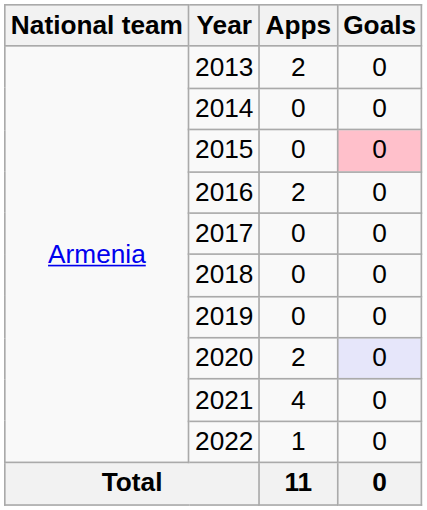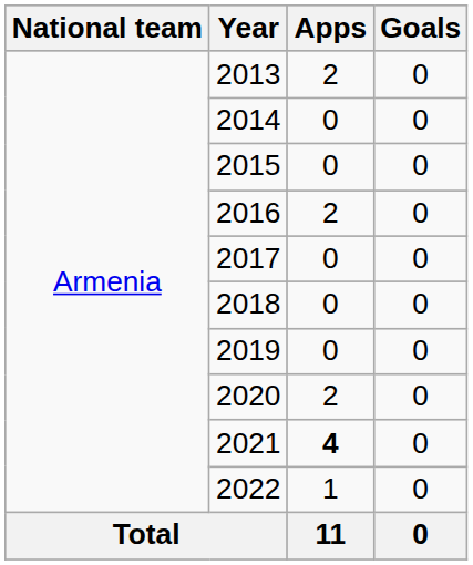 <table class="wikitable" style="text-align:center">
 <tr>
 <th>National team</th>
 <th>Year</th>
 <th>Apps</th>
 <th>Goals</th>
 </tr>
 <tr>
 <td rowspan="10"><a href='#'>Armenia</a></td>
 <td>2013</td>
 <td>2</td>
 <td>0</td>
 </tr>
 <tr>
 <td>2014</td>
 <td>0</td>
 <td>0</td>
 </tr>
 <tr>
 <td>2015</td>
 <td>0</td>
-<td style="background: pink;">0</td>
+<td>0</td>
 </tr>
 <tr>
 <td>2016</td>
 <td>2</td>
 <td>0</td>
 </tr>
 <tr>
 <td>2017</td>
 <td>0</td>
 <td>0</td>
 </tr>
 <tr>
 <td>2018</td>
 <td>0</td>
 <td>0</td>
 </tr>
 <tr>
 <td>2019</td>
 <td>0</td>
 <td>0</td>
 </tr>
 <tr>
 <td>2020</td>
 <td>2</td>
-<td style="background: lavender;">0</td>
+<td>0</td>
 </tr>
 <tr>
 <td>2021</td>
-<td>4</td>
+<td><strong>4</strong></td>
 <td>0</td>
 </tr>
 <tr>
 <td>2022</td>
 <td>1</td>
 <td>0</td>
 </tr>
 <tr>
 <th colspan="2">Total</th>
 <th>11</th>
 <th>0</th>
 </tr>
 </table>
